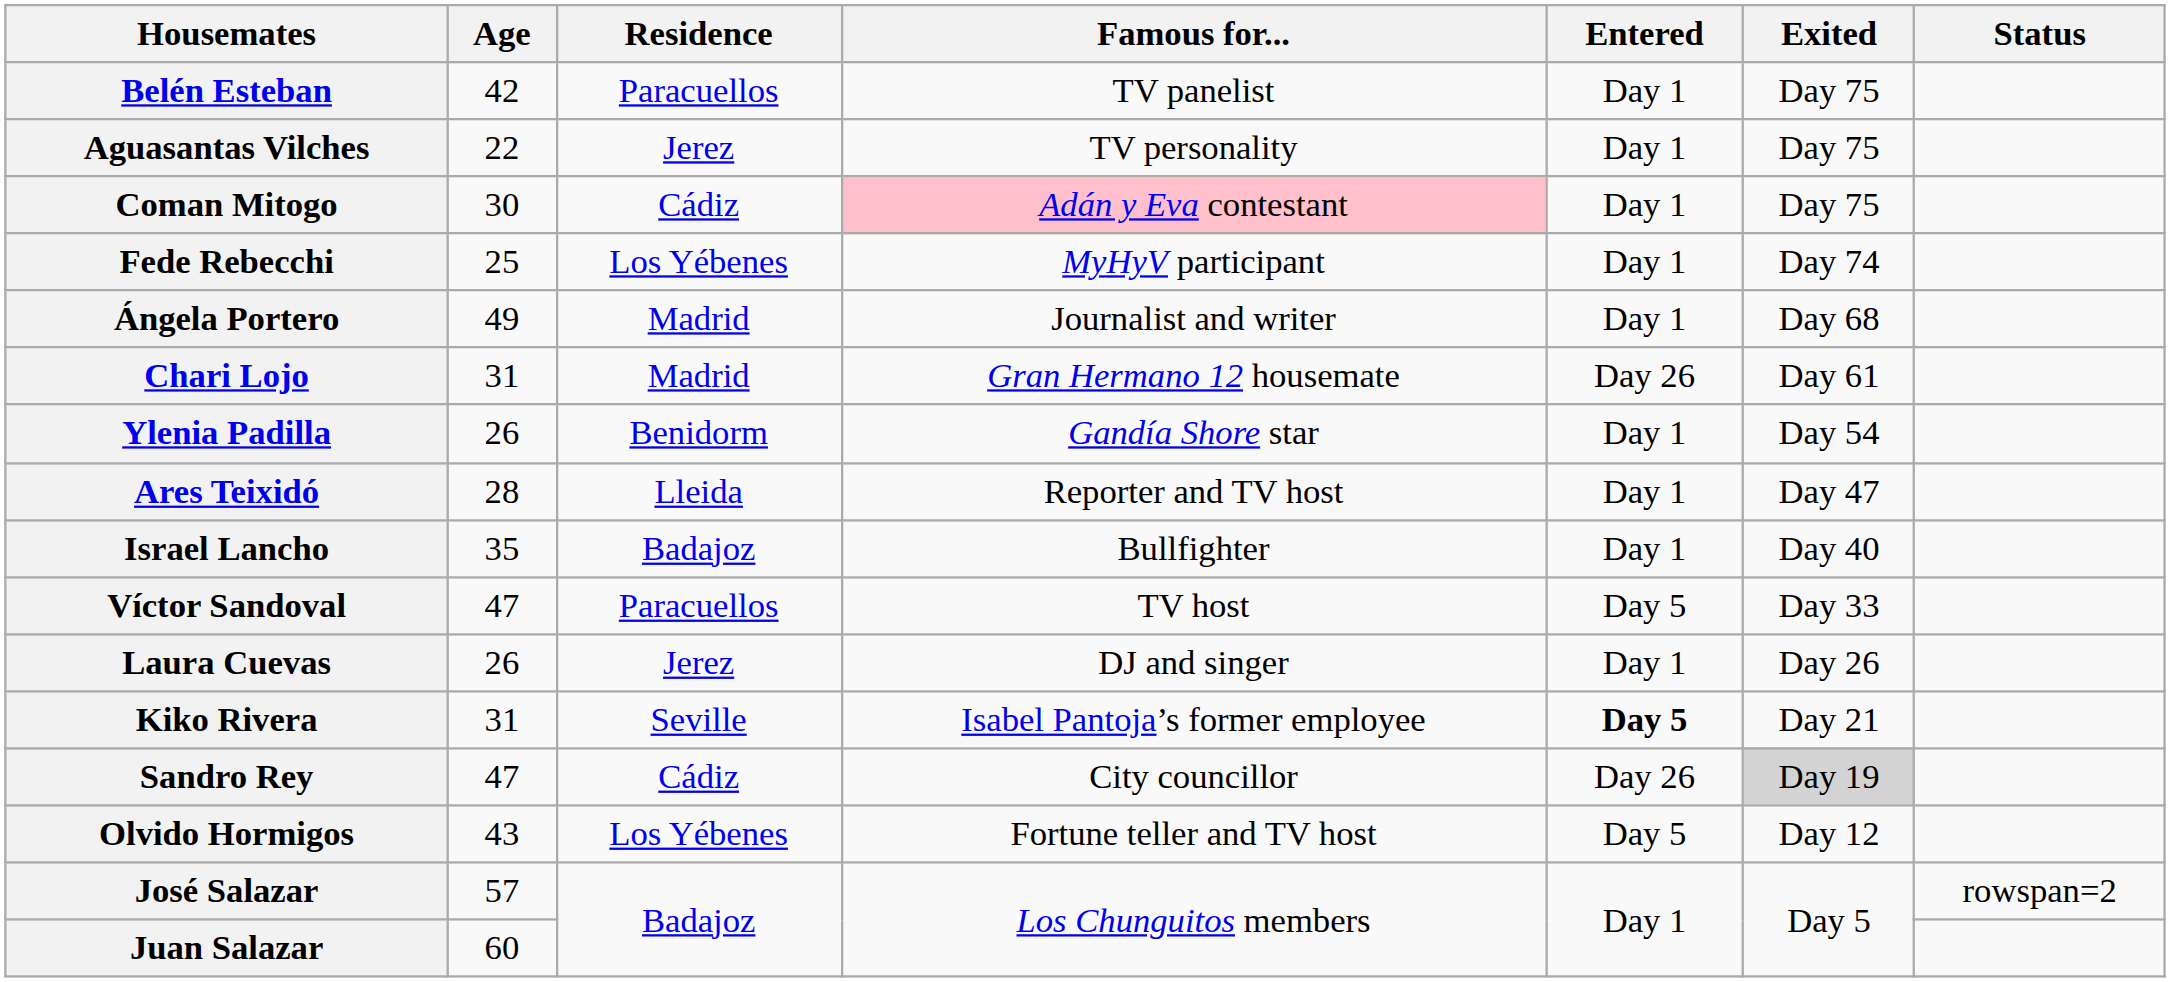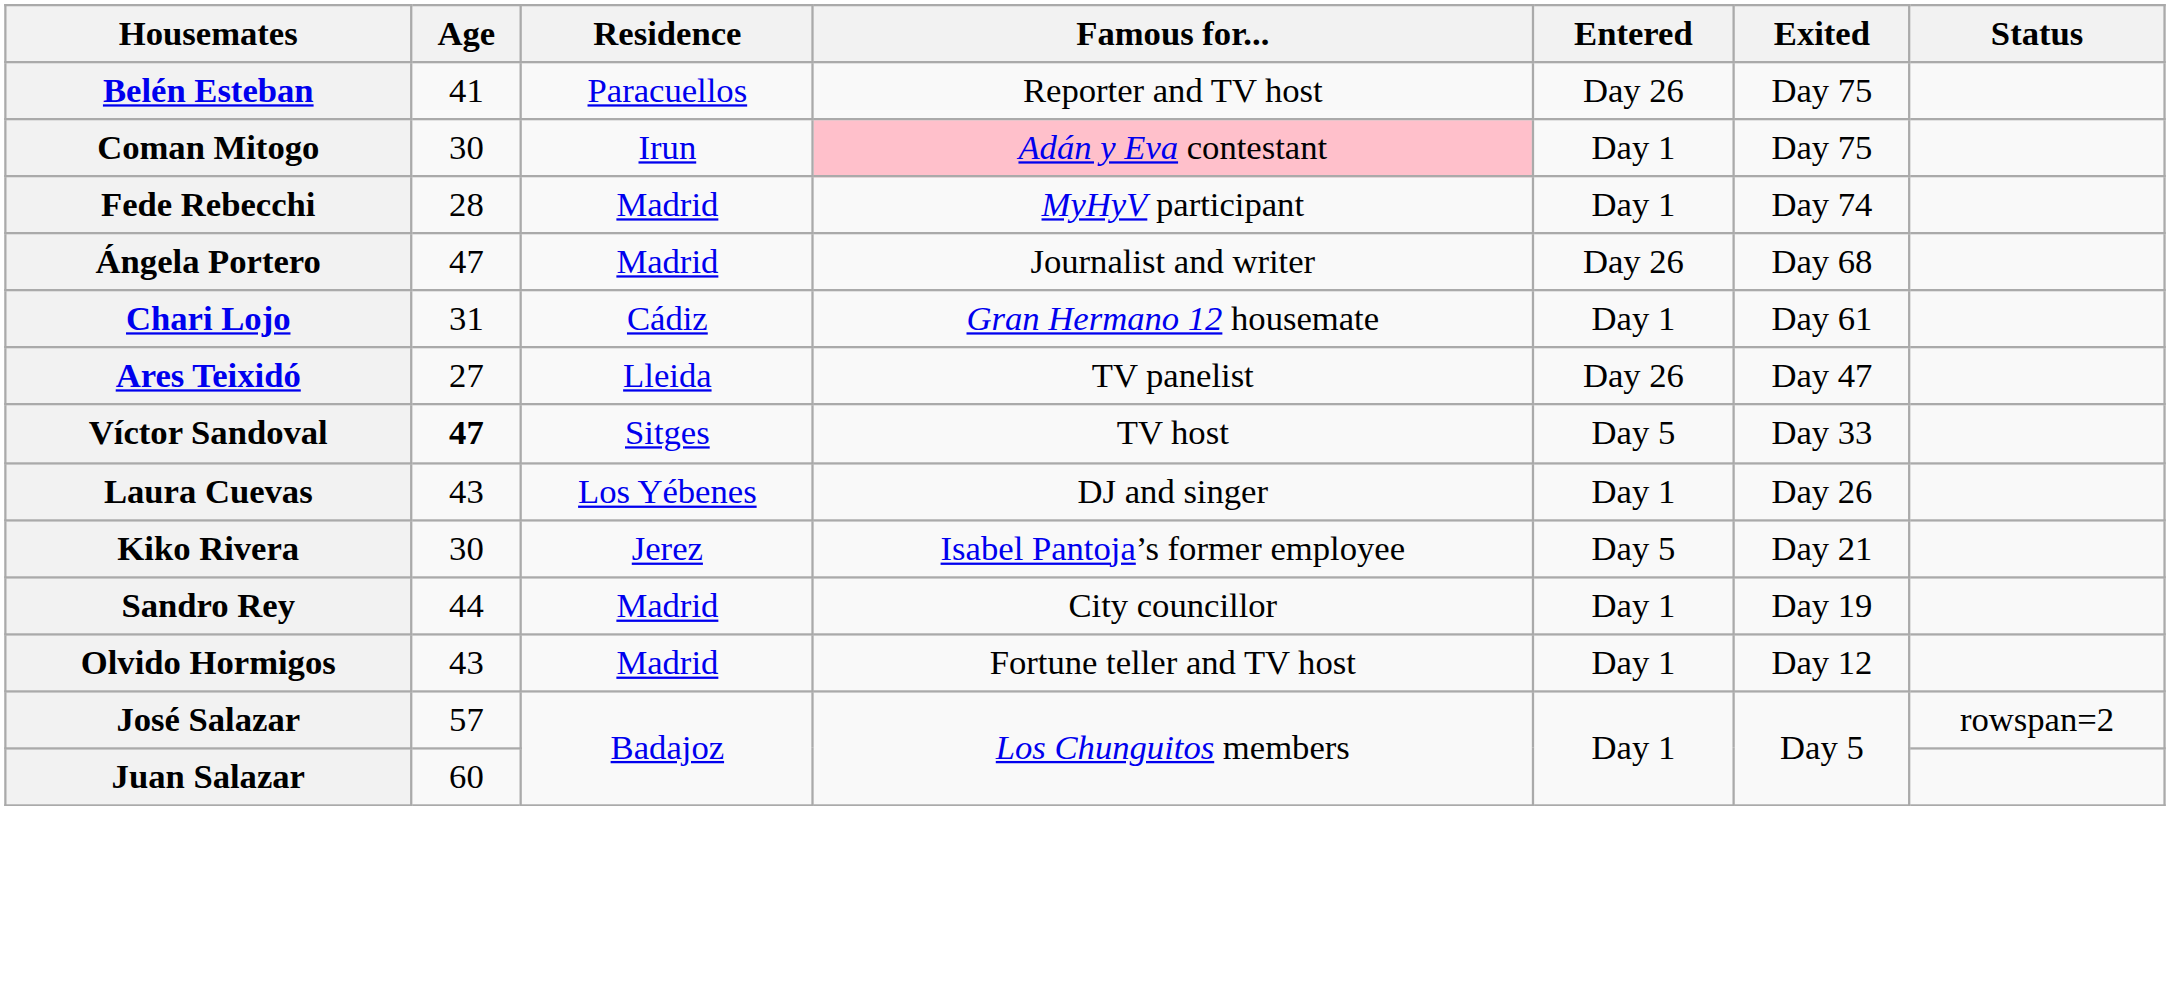 <table class="wikitable" style="margin:auto; text-align:center; width:75%; font-size:95%;">
 <tr>
 <th>Housemates</th>
 <th>Age</th>
 <th>Residence</th>
 <th>Famous for...</th>
 <th>Entered</th>
 <th>Exited</th>
 <th>Status</th>
 </tr>
 <tr>
 <th><strong><a href='#'>Belén Esteban</a></strong></th>
-<td>42</td>
+<td>41</td>
 <td><a href='#'>Paracuellos</a></td>
-<td>TV panelist</td>
-<td>Day 1</td>
-<td>Day 75</td>
-<td></td>
-</tr>
-<tr>
-<th>Aguasantas Vilches</th>
-<td>22</td>
-<td><a href='#'>Jerez</a></td>
-<td>TV personality</td>
-<td>Day 1</td>
+<td>Reporter and TV host</td>
+<td>Day 26</td>
 <td>Day 75</td>
 <td></td>
 </tr>
 <tr>
 <th>Coman Mitogo</th>
 <td>30</td>
-<td><a href='#'>Cádiz</a></td>
+<td><a href='#'>Irun</a></td>
 <td style="background: pink;"><em><a href='#'>Adán y Eva</a></em> contestant</td>
 <td>Day 1</td>
 <td>Day 75</td>
 <td></td>
 </tr>
 <tr>
 <th>Fede Rebecchi</th>
-<td>25</td>
-<td><a href='#'>Los Yébenes</a></td>
+<td>28</td>
+<td><a href='#'>Madrid</a></td>
 <td><em><a href='#'>MyHyV</a></em> participant</td>
 <td>Day 1</td>
 <td>Day 74</td>
 <td></td>
 </tr>
 <tr>
 <th>Ángela Portero</th>
-<td>49</td>
+<td>47</td>
 <td><a href='#'>Madrid</a></td>
 <td>Journalist and writer</td>
-<td>Day 1</td>
+<td>Day 26</td>
 <td>Day 68</td>
 <td></td>
 </tr>
 <tr>
 <th><a href='#'>Chari Lojo</a></th>
 <td>31</td>
-<td><a href='#'>Madrid</a></td>
+<td><a href='#'>Cádiz</a></td>
 <td><em><a href='#'>Gran Hermano 12</a></em> housemate</td>
-<td>Day 26</td>
+<td>Day 1</td>
 <td>Day 61</td>
 <td></td>
 </tr>
 <tr>
-<th><a href='#'>Ylenia Padilla</a></th>
-<td>26</td>
-<td><a href='#'>Benidorm</a></td>
-<td><em><a href='#'>Gandía Shore</a></em> star</td>
-<td>Day 1</td>
-<td>Day 54</td>
-<td></td>
-</tr>
-<tr>
 <th><a href='#'>Ares Teixidó</a></th>
-<td>28</td>
+<td>27</td>
 <td><a href='#'>Lleida</a></td>
-<td>Reporter and TV host</td>
-<td>Day 1</td>
+<td>TV panelist</td>
+<td>Day 26</td>
 <td>Day 47</td>
 <td></td>
 </tr>
 <tr>
-<th>Israel Lancho</th>
-<td>35</td>
-<td><a href='#'>Badajoz</a></td>
-<td>Bullfighter</td>
-<td>Day 1</td>
-<td>Day 40</td>
-<td></td>
-</tr>
-<tr>
 <th>Víctor Sandoval</th>
-<td>47</td>
-<td><a href='#'>Paracuellos</a></td>
+<td><strong>47</strong></td>
+<td><a href='#'>Sitges</a></td>
 <td>TV host</td>
 <td>Day 5</td>
 <td>Day 33</td>
 <td></td>
 </tr>
 <tr>
 <th>Laura Cuevas</th>
-<td>26</td>
-<td><a href='#'>Jerez</a></td>
+<td>43</td>
+<td><a href='#'>Los Yébenes</a></td>
 <td>DJ and singer</td>
 <td>Day 1</td>
 <td>Day 26</td>
 <td></td>
 </tr>
 <tr>
 <th>Kiko Rivera</th>
-<td>31</td>
-<td><a href='#'>Seville</a></td>
+<td>30</td>
+<td><a href='#'>Jerez</a></td>
 <td><a href='#'>Isabel Pantoja</a>’s former employee</td>
-<td><strong>Day 5</strong></td>
+<td>Day 5</td>
 <td>Day 21</td>
 <td></td>
 </tr>
 <tr>
 <th>Sandro Rey</th>
-<td>47</td>
-<td><a href='#'>Cádiz</a></td>
+<td>44</td>
+<td><a href='#'>Madrid</a></td>
 <td>City councillor</td>
-<td>Day 26</td>
-<td style="background: lightgrey;">Day 19</td>
+<td>Day 1</td>
+<td>Day 19</td>
 <td></td>
 </tr>
 <tr>
 <th>Olvido Hormigos</th>
 <td>43</td>
-<td><a href='#'>Los Yébenes</a></td>
+<td><a href='#'>Madrid</a></td>
 <td>Fortune teller and TV host</td>
-<td>Day 5</td>
+<td>Day 1</td>
 <td>Day 12</td>
 <td></td>
 </tr>
 <tr>
 <th>José Salazar</th>
 <td>57</td>
 <td rowspan=2><a href='#'>Badajoz</a></td>
 <td rowspan=2><em><a href='#'>Los Chunguitos</a></em> members</td>
 <td rowspan=2>Day 1</td>
 <td rowspan=2>Day 5</td>
 <td>rowspan=2 </td>
 </tr>
 <tr>
 <th>Juan Salazar</th>
 <td>60</td>
 </tr>
 </table>
